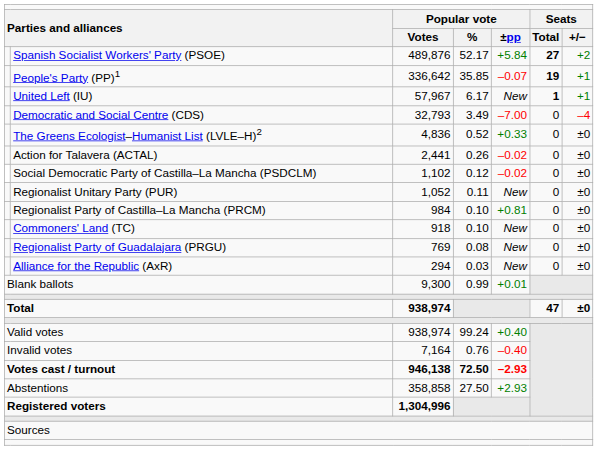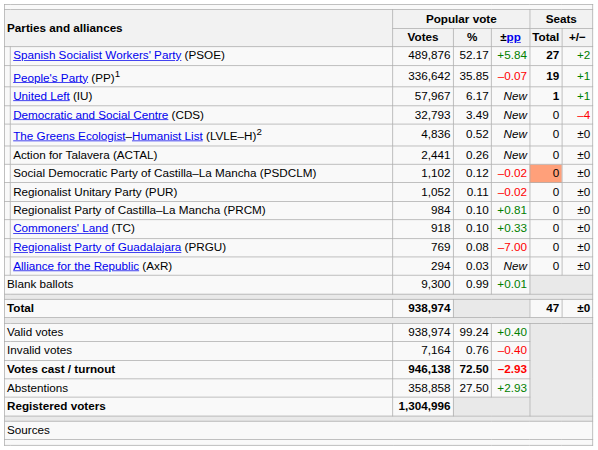 <table class="wikitable" style="text-align:right;">
 <tr>
 <td colspan="7"></td>
 </tr>
 <tr>
 <th style="text-align:left;" rowspan="2" colspan="2" width="525">Parties and alliances</th>
 <th colspan="3">Popular vote</th>
 <th colspan="2">Seats</th>
 </tr>
 <tr>
 <th width="75">Votes</th>
 <th width="45">%</th>
 <th width="45">±<a href='#'>pp</a></th>
 <th width="35">Total</th>
 <th width="35">+/−</th>
 </tr>
 <tr>
 <td width="1" style="color:inherit;background:"></td>
 <td align="left"><a href='#'>Spanish Socialist Workers' Party</a> (PSOE)</td>
 <td>489,876</td>
 <td>52.17</td>
 <td style="color:green;">+5.84</td>
 <td><strong>27</strong></td>
 <td style="color:green;">+2</td>
 </tr>
 <tr>
 <td style="color:inherit;background:"></td>
 <td align="left"><a href='#'>People's Party</a> (PP)<sup>1</sup></td>
 <td>336,642</td>
 <td>35.85</td>
 <td style="color:red;">–0.07</td>
 <td><strong>19</strong></td>
 <td style="color:green;">+1</td>
 </tr>
 <tr>
 <td style="color:inherit;background:"></td>
 <td align="left"><a href='#'>United Left</a> (IU)</td>
 <td>57,967</td>
 <td>6.17</td>
 <td><em>New</em></td>
 <td><strong>1</strong></td>
 <td style="color:green;">+1</td>
 </tr>
 <tr>
 <td style="color:inherit;background:"></td>
 <td align="left"><a href='#'>Democratic and Social Centre</a> (CDS)</td>
 <td>32,793</td>
 <td>3.49</td>
-<td style="color:red;">–7.00</td>
+<td><em>New</em></td>
 <td>0</td>
 <td style="color:red;">–4</td>
 </tr>
 <tr>
 <td style="color:inherit;background:"></td>
 <td align="left"><a href='#'>The Greens Ecologist</a>–<a href='#'>Humanist List</a> (LVLE–H)<sup>2</sup></td>
 <td>4,836</td>
 <td>0.52</td>
-<td style="color:green;">+0.33</td>
+<td><em>New</em></td>
 <td>0</td>
 <td>±0</td>
 </tr>
 <tr>
 <td style="color:inherit;background:"></td>
 <td align="left">Action for Talavera (ACTAL)</td>
 <td>2,441</td>
 <td>0.26</td>
-<td style="color:red;">–0.02</td>
+<td><em>New</em></td>
 <td>0</td>
 <td>±0</td>
 </tr>
 <tr>
 <td bgcolor="white"></td>
 <td align="left">Social Democratic Party of Castilla–La Mancha (PSDCLM)</td>
 <td>1,102</td>
 <td>0.12</td>
 <td style="color:red;">–0.02</td>
-<td>0</td>
+<td style="background: lightsalmon;">0</td>
 <td>±0</td>
 </tr>
 <tr>
 <td style="color:inherit;background:"></td>
 <td align="left">Regionalist Unitary Party (PUR)</td>
 <td>1,052</td>
 <td>0.11</td>
-<td><em>New</em></td>
+<td style="color:red;">–0.02</td>
 <td>0</td>
 <td>±0</td>
 </tr>
 <tr>
 <td style="color:inherit;background:"></td>
 <td align="left">Regionalist Party of Castilla–La Mancha (PRCM)</td>
 <td>984</td>
 <td>0.10</td>
 <td style="color:green;">+0.81</td>
 <td>0</td>
 <td>±0</td>
 </tr>
 <tr>
 <td style="color:inherit;background:"></td>
 <td align="left"><a href='#'>Commoners' Land</a> (TC)</td>
 <td>918</td>
 <td>0.10</td>
-<td><em>New</em></td>
+<td style="color:green;">+0.33</td>
 <td>0</td>
 <td>±0</td>
 </tr>
 <tr>
 <td style="color:inherit;background:"></td>
 <td align="left"><a href='#'>Regionalist Party of Guadalajara</a> (PRGU)</td>
 <td>769</td>
 <td>0.08</td>
-<td><em>New</em></td>
+<td style="color:red;">–7.00</td>
 <td>0</td>
 <td>±0</td>
 </tr>
 <tr>
 <td style="color:inherit;background:"></td>
 <td align="left"><a href='#'>Alliance for the Republic</a> (AxR)</td>
 <td>294</td>
 <td>0.03</td>
 <td><em>New</em></td>
 <td>0</td>
 <td>±0</td>
 </tr>
 <tr>
 <td align="left" colspan="2">Blank ballots</td>
 <td>9,300</td>
 <td>0.99</td>
 <td style="color:green;">+0.01</td>
 <td bgcolor="#E9E9E9" colspan="2"></td>
 </tr>
 <tr>
 <td colspan="7" bgcolor="#E9E9E9"></td>
 </tr>
 <tr style="font-weight:bold;">
 <td align="left" colspan="2">Total</td>
 <td>938,974</td>
 <td bgcolor="#E9E9E9" colspan="2"></td>
 <td>47</td>
 <td>±0</td>
 </tr>
 <tr>
 <td colspan="7" bgcolor="#E9E9E9"></td>
 </tr>
 <tr>
 <td align="left" colspan="2">Valid votes</td>
 <td>938,974</td>
 <td>99.24</td>
 <td style="color:green;">+0.40</td>
 <td bgcolor="#E9E9E9" colspan="2" rowspan="5"></td>
 </tr>
 <tr>
 <td align="left" colspan="2">Invalid votes</td>
 <td>7,164</td>
 <td>0.76</td>
 <td style="color:red;">–0.40</td>
 </tr>
 <tr style="font-weight:bold;">
 <td align="left" colspan="2">Votes cast / turnout</td>
 <td>946,138</td>
 <td>72.50</td>
 <td style="color:red;">–2.93</td>
 </tr>
 <tr>
 <td align="left" colspan="2">Abstentions</td>
 <td>358,858</td>
 <td>27.50</td>
 <td style="color:green;">+2.93</td>
 </tr>
 <tr style="font-weight:bold;">
 <td align="left" colspan="2">Registered voters</td>
 <td>1,304,996</td>
 <td bgcolor="#E9E9E9" colspan="2"></td>
 </tr>
 <tr>
 <td colspan="7" bgcolor="#E9E9E9"></td>
 </tr>
 <tr>
 <td align="left" colspan="7">Sources</td>
 </tr>
 <tr>
 <td colspan="7" style="text-align:left; max-width:790px;"></td>
 </tr>
 </table>
